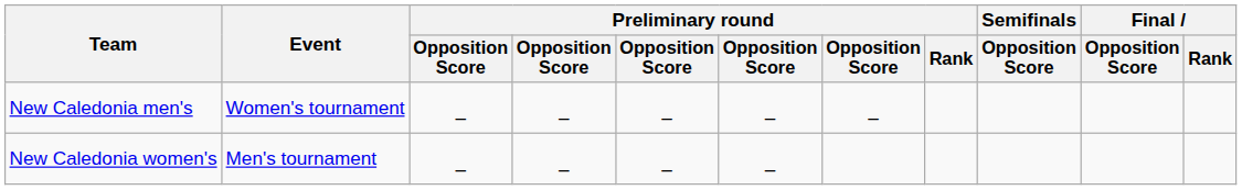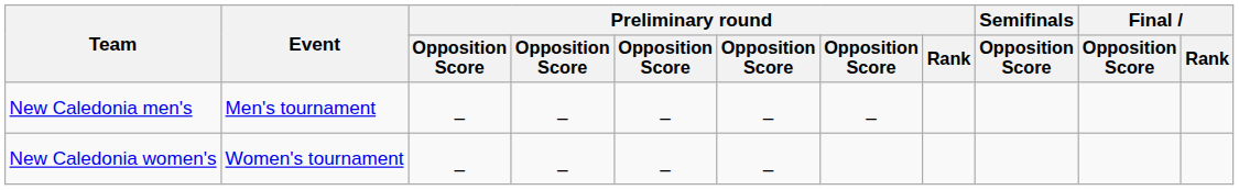 <table class=wikitable style=font-size:90%;text-align:center>
 <tr>
 <th rowspan=2>Team</th>
 <th rowspan=2>Event</th>
 <th colspan=6>Preliminary round</th>
 <th>Semifinals</th>
 <th colspan=2>Final / </th>
 </tr>
 <tr style=font-size:95%>
 <th>Opposition<br>Score</th>
 <th>Opposition<br>Score</th>
 <th>Opposition<br>Score</th>
 <th>Opposition<br>Score</th>
 <th>Opposition<br>Score</th>
 <th>Rank</th>
 <th>Opposition<br>Score</th>
 <th>Opposition<br>Score</th>
 <th>Rank</th>
 </tr>
 <tr>
 <td align=left><a href='#'>New Caledonia men's</a></td>
-<td align=left><a href='#'>Women's tournament</a></td>
+<td align=left><a href='#'>Men's tournament</a></td>
 <td><br> –</td>
 <td><br> –</td>
 <td><br> –</td>
 <td><br> –</td>
 <td><br> –</td>
 <td></td>
 <td></td>
 <td></td>
 </tr>
 <tr>
 <td align=left><a href='#'>New Caledonia women's</a></td>
-<td align=left><a href='#'>Men's tournament</a></td>
+<td align=left><a href='#'>Women's tournament</a></td>
 <td><br> –</td>
 <td><br> –</td>
 <td><br> –</td>
 <td><br> –</td>
 <td></td>
 <td></td>
 <td></td>
 <td></td>
 <td></td>
 </tr>
 </table>
